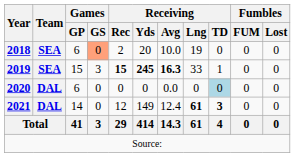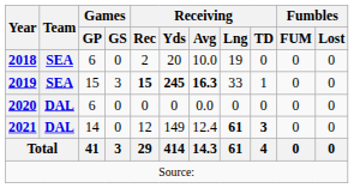 <table class="wikitable" style="text-align: center;">
 <tr>
 <th rowspan="2">Year</th>
 <th rowspan="2">Team</th>
 <th colspan="2">Games</th>
 <th colspan="5">Receiving</th>
 <th colspan="2">Fumbles</th>
 </tr>
 <tr>
 <th>GP</th>
 <th>GS</th>
 <th>Rec</th>
 <th>Yds</th>
 <th>Avg</th>
 <th>Lng</th>
 <th>TD</th>
 <th>FUM</th>
 <th>Lost</th>
 </tr>
 <tr>
 <th><a href='#'>2018</a></th>
 <th><a href='#'>SEA</a></th>
 <td>6</td>
-<td style="background: lightsalmon;">0</td>
+<td>0</td>
 <td>2</td>
 <td>20</td>
 <td>10.0</td>
 <td>19</td>
 <td>0</td>
 <td>0</td>
 <td>0</td>
 </tr>
 <tr>
 <th><a href='#'>2019</a></th>
 <th><a href='#'>SEA</a></th>
 <td>15</td>
 <td>3</td>
 <td><strong>15</strong></td>
 <td><strong>245</strong></td>
 <td><strong>16.3</strong></td>
 <td>33</td>
 <td>1</td>
 <td>0</td>
 <td>0</td>
 </tr>
 <tr>
 <th><a href='#'>2020</a></th>
 <th><a href='#'>DAL</a></th>
 <td>6</td>
 <td>0</td>
 <td>0</td>
 <td>0</td>
 <td>0.0</td>
 <td>0</td>
-<td style="background: lightblue;">0</td>
+<td>0</td>
 <td>0</td>
 <td>0</td>
 </tr>
 <tr>
 <th><a href='#'>2021</a></th>
 <th><a href='#'>DAL</a></th>
 <td>14</td>
 <td>0</td>
 <td>12</td>
 <td>149</td>
 <td>12.4</td>
 <td><strong>61</strong></td>
 <td><strong>3</strong></td>
 <td>0</td>
 <td>0</td>
 </tr>
 <tr>
 <th colspan="2">Total</th>
 <th>41</th>
 <th>3</th>
 <th>29</th>
 <th>414</th>
 <th>14.3</th>
 <th>61</th>
 <th>4</th>
 <th>0</th>
 <th>0</th>
 </tr>
 <tr>
 <td colspan="11"><small>Source: </small></td>
 </tr>
 </table>
